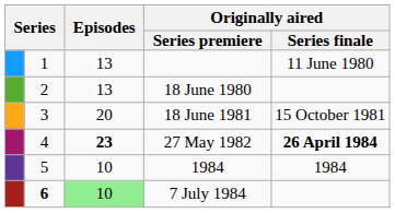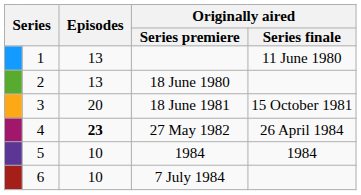 <table class="wikitable plainrowheaders" style="text-align:center">
 <tr>
 <th style="padding: 0 8px;" colspan="2" rowspan="2">Series</th>
 <th style="padding: 0 8px;" rowspan="2">Episodes</th>
 <th colspan="2">Originally aired</th>
 </tr>
 <tr>
 <th style="padding: 0 8px;">Series premiere</th>
 <th style="padding: 0 8px;">Series finale</th>
 </tr>
 <tr>
 <td style="background:#149bff;"></td>
 <td>1</td>
 <td>13</td>
 <td></td>
 <td>11 June 1980</td>
 </tr>
 <tr>
 <td style="background:#57AC30;"></td>
 <td>2</td>
 <td>13</td>
 <td>18 June 1980</td>
 <td></td>
 </tr>
 <tr>
 <td style="background:#fda817;"></td>
 <td>3</td>
 <td>20</td>
 <td>18 June 1981</td>
 <td>15 October 1981</td>
 </tr>
 <tr>
 <td style="background:#A1176C;"></td>
 <td>4</td>
 <td><strong>23</strong></td>
 <td>27 May 1982</td>
-<td><strong>26 April 1984</strong></td>
+<td>26 April 1984</td>
 </tr>
 <tr>
 <td style="background:#5b3695;"></td>
 <td>5</td>
 <td>10</td>
 <td>1984</td>
 <td>1984</td>
 </tr>
 <tr>
 <td style="background:#A41F1A;"></td>
-<td><strong>6</strong></td>
-<td style="background: lightgreen;">10</td>
+<td>6</td>
+<td>10</td>
 <td>7 July 1984</td>
 <td></td>
 </tr>
 </table>
